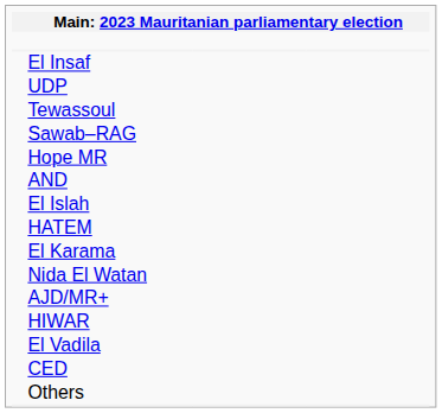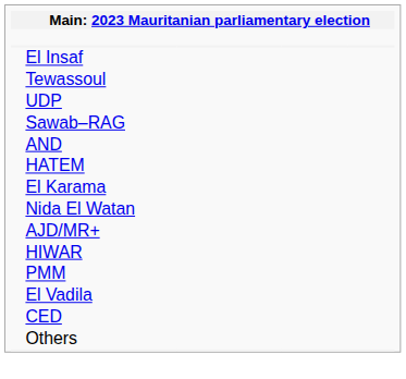 <table class="infobox vcard" style="width:23.0em; padding:0.3em; padding-bottom:0em;" cellspacing=0>
 <tr>
 <td style="background:#F2F2F2; vertical-align:middle; padding:0.4em;" width="30px"></td>
 <th colspan="4" style="text-align:center; background:#F2F2F2; font-size:0.85em; width:100%; vertical-align:middle;">Main: <a href='#'>2023 Mauritanian parliamentary election</a></th>
 </tr>
 <tr>
 <td colspan="5" style="text-align:center; font-size:0.85em; padding:0.5em 0em;">  </td>
 </tr>
 <tr>
 <td colspan="5"></td>
 </tr>
 <tr>
 <th colspan="2" width="85px" style="background:#F2F2F2;"></th>
 <th width="70px" style="background:#F2F2F2;"></th>
 <th width="45px" style="background:#F2F2F2;"></th>
 <th width="30px" style="background:#F2F2F2;"></th>
 </tr>
 <tr>
 <td style="background:"></td>
 <td><a href='#'>El Insaf</a></td>
 <td></td>
 <td></td>
 <td></td>
 </tr>
 <tr>
 <td style="background:"></td>
-<td><a href='#'>UDP</a></td>
+<td><a href='#'>Tewassoul</a></td>
 <td></td>
 <td></td>
 <td></td>
 </tr>
 <tr>
 <td style="background:"></td>
-<td><a href='#'>Tewassoul</a></td>
+<td><a href='#'>UDP</a></td>
 <td></td>
 <td></td>
 <td></td>
 </tr>
 <tr>
 <td style="background:"></td>
 <td><a href='#'>Sawab–RAG</a></td>
 <td></td>
 <td></td>
 <td></td>
 </tr>
 <tr>
 <td style="background:"></td>
-<td><a href='#'>Hope MR</a></td>
-<td></td>
-<td></td>
-<td></td>
-</tr>
-<tr>
-<td style="background:"></td>
 <td><a href='#'>AND</a></td>
-<td></td>
-<td></td>
-<td></td>
-</tr>
-<tr>
-<td style="background:"></td>
-<td><a href='#'>El Islah</a></td>
 <td></td>
 <td></td>
 <td></td>
 </tr>
 <tr>
 <td style="background:"></td>
 <td><a href='#'>HATEM</a></td>
 <td></td>
 <td></td>
 <td></td>
 </tr>
 <tr>
 <td style="background:"></td>
 <td><a href='#'>El Karama</a></td>
 <td></td>
 <td></td>
 <td></td>
 </tr>
 <tr>
 <td style="background:"></td>
 <td><a href='#'>Nida El Watan</a></td>
 <td></td>
 <td></td>
 <td></td>
 </tr>
 <tr>
 <td style="background:"></td>
 <td><a href='#'>AJD/MR+</a></td>
 <td></td>
 <td></td>
 <td></td>
 </tr>
 <tr>
 <td style="background:"></td>
 <td><a href='#'>HIWAR</a></td>
 <td></td>
 <td></td>
 <td></td>
 </tr>
 <tr>
 <td style="background:"></td>
+<td><a href='#'>PMM</a></td>
+<td></td>
+<td></td>
+<td></td>
+</tr>
+<tr>
+<td style="background:"></td>
 <td><a href='#'>El Vadila</a></td>
 <td></td>
 <td></td>
 <td></td>
 </tr>
 <tr>
 <td style="background:"></td>
 <td><a href='#'>CED</a></td>
 <td></td>
 <td></td>
 <td></td>
 </tr>
 <tr>
 <td style="background:"></td>
 <td>Others</td>
 <td></td>
 <td></td>
 <td></td>
 </tr>
 <tr>
 <th colspan="2" style="background:#F2F2F2;"></th>
 <th style="background:#F2F2F2;"></th>
 <th style="background:#F2F2F2;"></th>
 <th style="background:#F2F2F2;"></th>
 </tr>
 </table>
